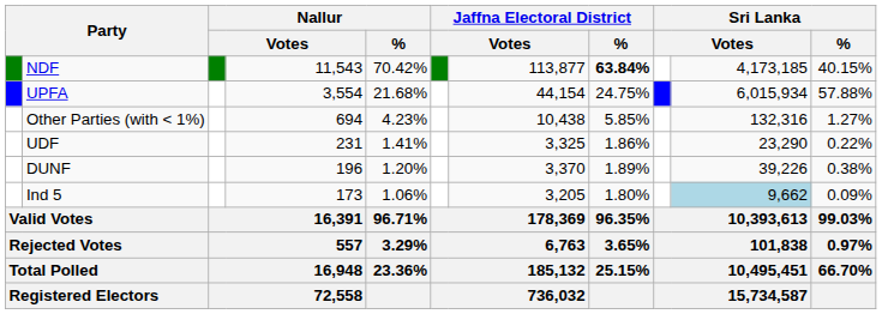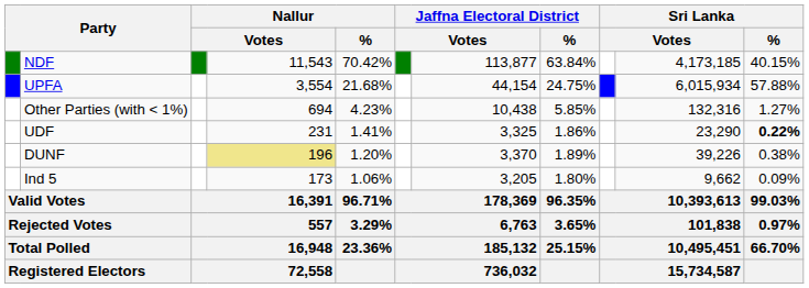 <table class="wikitable">
 <tr>
 <th colspan="2" width="144px"rowspan="2">Party</th>
 <th colspan="3" width="216px">Nallur</th>
 <th colspan="3" width="216px"><a href='#'>Jaffna Electoral District</a></th>
 <th colspan="3" width="216px">Sri Lanka</th>
 </tr>
 <tr>
 <th colspan="2" width="144px">Votes</th>
 <th>%</th>
 <th colspan="2" width="144px">Votes</th>
 <th>%</th>
 <th colspan="2" width="144px">Votes</th>
 <th>%</th>
 </tr>
 <tr>
 <td style="background-color:green;" width="10px"></td>
 <td style="text-align:left;"><a href='#'>NDF</a></td>
 <td style="background-color:green;" width="10px"></td>
 <td style="text-align:right;">11,543</td>
 <td style="text-align:right;">70.42%</td>
 <td style="background-color:green;" width="10px"></td>
 <td style="text-align:right;">113,877</td>
-<td style="text-align:right;"><strong>63.84%</strong></td>
+<td style="text-align:right;">63.84%</td>
 <td style="background-color:white;" width="10px"></td>
 <td style="text-align:right;">4,173,185</td>
 <td style="text-align:right;">40.15%</td>
 </tr>
 <tr>
 <td style="background-color:blue;" width="10px"></td>
 <td style="text-align:left;"><a href='#'>UPFA</a></td>
 <td style="background-color:white;" width="10px"></td>
 <td style="text-align:right;">3,554</td>
 <td style="text-align:right;">21.68%</td>
 <td style="background-color:white;" width="10px"></td>
 <td style="text-align:right;">44,154</td>
 <td style="text-align:right;">24.75%</td>
 <td style="background-color:blue;" width="10px"></td>
 <td style="text-align:right;">6,015,934</td>
 <td style="text-align:right;">57.88%</td>
 </tr>
 <tr>
 <td style="background-color:white;" width="10px"></td>
 <td style="text-align:left;">Other Parties (with < 1%)</td>
 <td style="background-color:white;" width="10px"></td>
 <td style="text-align:right;">694</td>
 <td style="text-align:right;">4.23%</td>
 <td style="background-color:white;" width="10px"></td>
 <td style="text-align:right;">10,438</td>
 <td style="text-align:right;">5.85%</td>
 <td style="background-color:white;" width="10px"></td>
 <td style="text-align:right;">132,316</td>
 <td style="text-align:right;">1.27%</td>
 </tr>
 <tr>
 <td style="background-color:white;" width="10px"></td>
 <td style="text-align:left;">UDF</td>
 <td style="background-color:white;" width="10px"></td>
 <td style="text-align:right;">231</td>
 <td style="text-align:right;">1.41%</td>
 <td style="background-color:white;" width="10px"></td>
 <td style="text-align:right;">3,325</td>
 <td style="text-align:right;">1.86%</td>
 <td style="background-color:white;" width="10px"></td>
 <td style="text-align:right;">23,290</td>
-<td style="text-align:right;">0.22%</td>
+<td style="text-align:right;"><strong>0.22%</strong></td>
 </tr>
 <tr>
 <td style="background-color:white;" width="10px"></td>
 <td style="text-align:left;">DUNF</td>
 <td style="background-color:white;" width="10px"></td>
-<td style="text-align:right;">196</td>
+<td style="background: khaki; text-align:right;">196</td>
 <td style="text-align:right;">1.20%</td>
 <td style="background-color:white;" width="10px"></td>
 <td style="text-align:right;">3,370</td>
 <td style="text-align:right;">1.89%</td>
 <td style="background-color:white;" width="10px"></td>
 <td style="text-align:right;">39,226</td>
 <td style="text-align:right;">0.38%</td>
 </tr>
 <tr>
 <td style="background-color:white;" width="10px"></td>
 <td style="text-align:left;">Ind 5</td>
 <td style="background-color:white;" width="10px"></td>
 <td style="text-align:right;">173</td>
 <td style="text-align:right;">1.06%</td>
 <td style="background-color:white;" width="10px"></td>
 <td style="text-align:right;">3,205</td>
 <td style="text-align:right;">1.80%</td>
 <td style="background-color:white;" width="10px"></td>
-<td style="background: lightblue; text-align:right;">9,662</td>
+<td style="text-align:right;">9,662</td>
 <td style="text-align:right;">0.09%</td>
 </tr>
 <tr>
 <th colspan="2" width="144px"style="text-align:left;">Valid Votes</th>
 <th style="text-align:right;"colspan="2" width="144px">16,391</th>
 <th style="text-align:right;">96.71%</th>
 <th style="text-align:right;"colspan="2" width="144px">178,369</th>
 <th style="text-align:right;">96.35%</th>
 <th style="text-align:right;"colspan="2" width="144px">10,393,613</th>
 <th style="text-align:right;">99.03%</th>
 </tr>
 <tr>
 <th colspan="2" width="144px"style="text-align:left;">Rejected Votes</th>
 <th style="text-align:right;"colspan="2" width="144px">557</th>
 <th style="text-align:right;">3.29%</th>
 <th style="text-align:right;"colspan="2" width="144px">6,763</th>
 <th style="text-align:right;">3.65%</th>
 <th style="text-align:right;"colspan="2" width="144px">101,838</th>
 <th style="text-align:right;">0.97%</th>
 </tr>
 <tr>
 <th colspan="2" width="144px"style="text-align:left;">Total Polled</th>
 <th style="text-align:right;"colspan="2" width="144px">16,948</th>
 <th style="text-align:right;">23.36%</th>
 <th style="text-align:right;"colspan="2" width="144px">185,132</th>
 <th style="text-align:right;">25.15%</th>
 <th style="text-align:right;"colspan="2" width="144px">10,495,451</th>
 <th style="text-align:right;">66.70%</th>
 </tr>
 <tr>
 <th colspan="2" width="144px"style="text-align:left;">Registered Electors</th>
 <th style="text-align:right;"colspan="2" width="144px">72,558</th>
 <th></th>
 <th style="text-align:right;"colspan="2" width="144px">736,032</th>
 <th></th>
 <th style="text-align:right;"colspan="2" width="144px">15,734,587</th>
 <th></th>
 </tr>
 </table>
